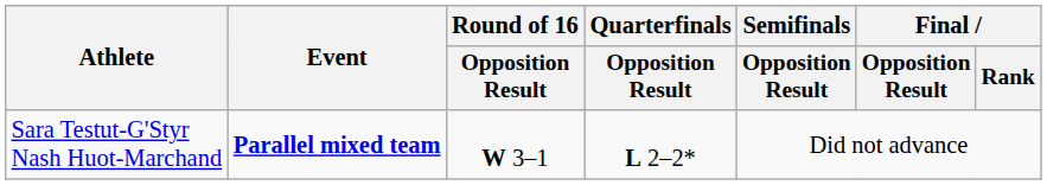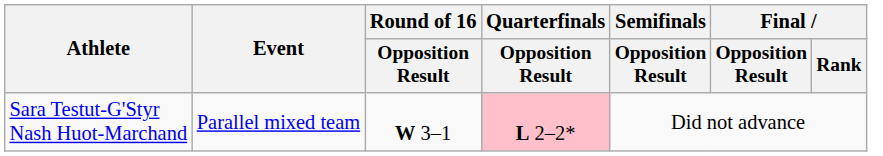 <table class="wikitable" style="font-size:90%">
 <tr>
 <th rowspan="2">Athlete</th>
 <th rowspan="2">Event</th>
 <th>Round of 16</th>
 <th>Quarterfinals</th>
 <th>Semifinals</th>
 <th colspan=2>Final / </th>
 </tr>
 <tr style="font-size:95%">
 <th>Opposition<br>Result</th>
 <th>Opposition<br>Result</th>
 <th>Opposition<br>Result</th>
 <th>Opposition<br>Result</th>
 <th>Rank</th>
 </tr>
 <tr align=center>
 <td align=left><a href='#'>Sara Testut-G'Styr</a><br><a href='#'>Nash Huot-Marchand</a></td>
-<td align=left><strong><a href='#'>Parallel mixed team</a></strong></td>
+<td align=left><a href='#'>Parallel mixed team</a></td>
 <td><br><strong>W</strong> 3–1</td>
-<td><br><strong>L</strong> 2–2*</td>
+<td style="background: pink;"><br><strong>L</strong> 2–2*</td>
 <td colspan=3>Did not advance</td>
 </tr>
 </table>
